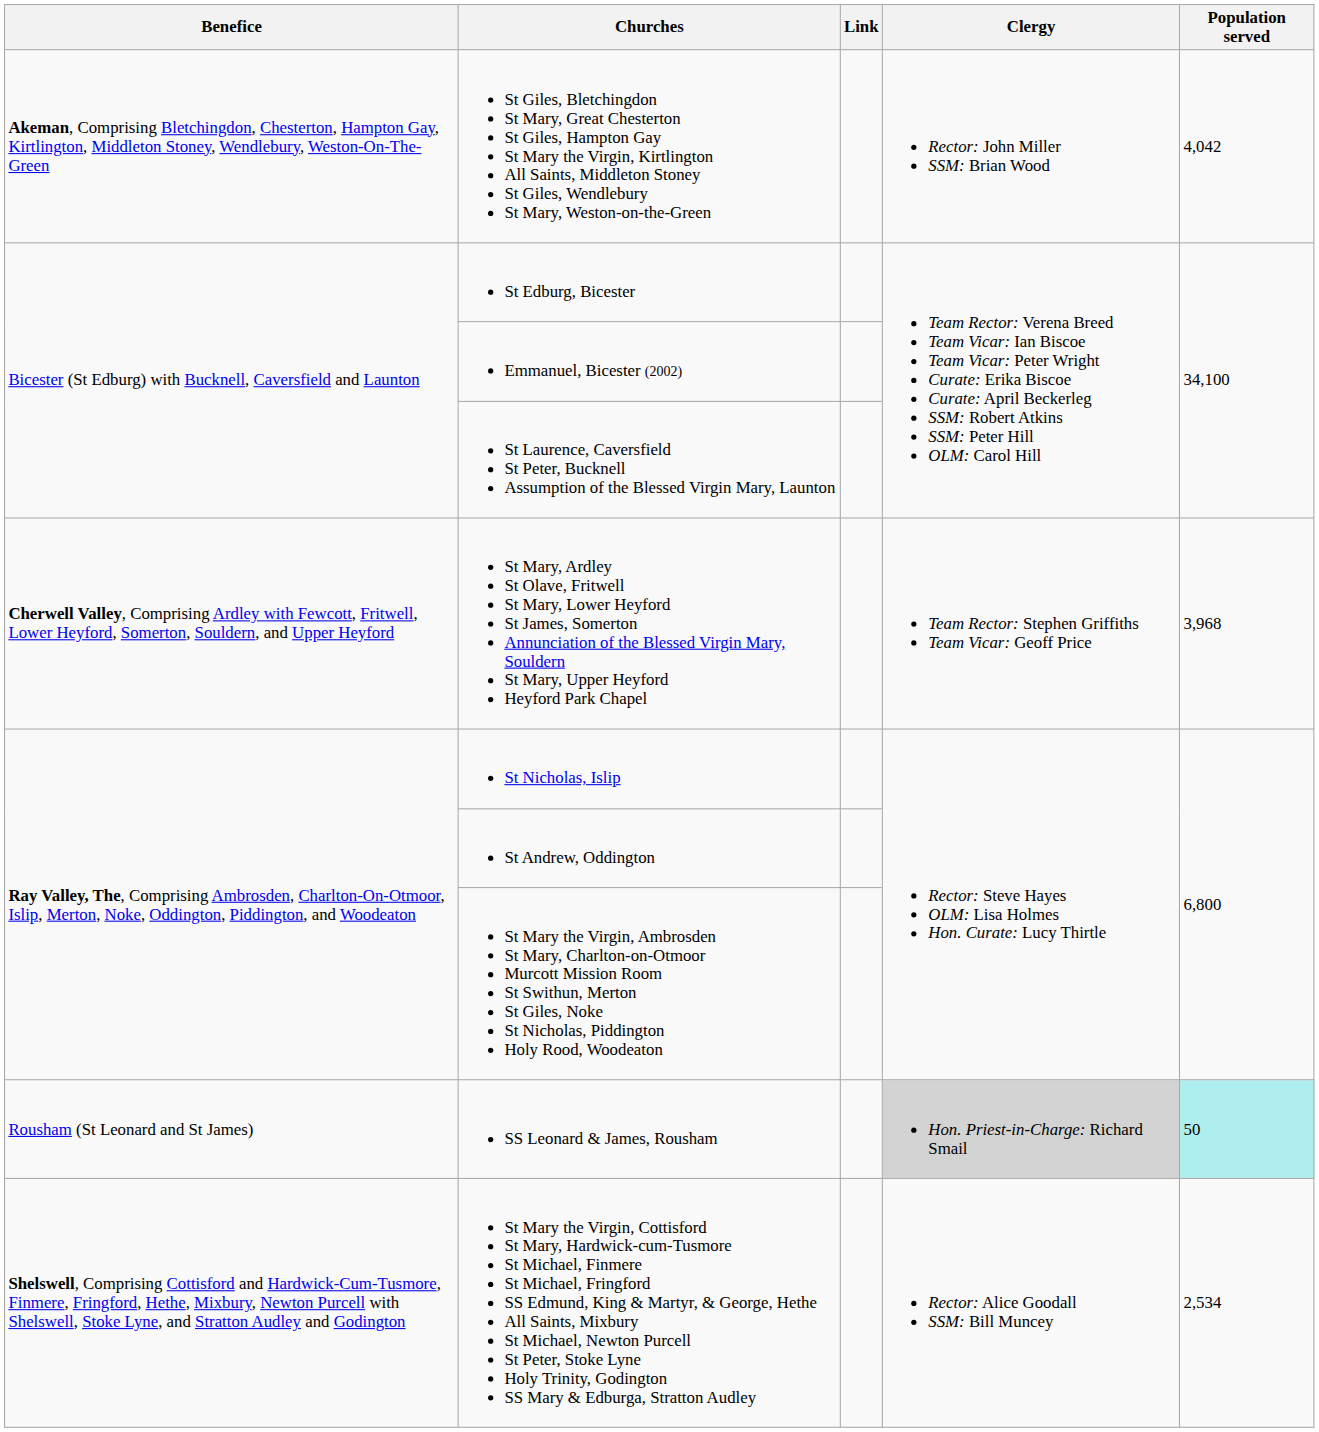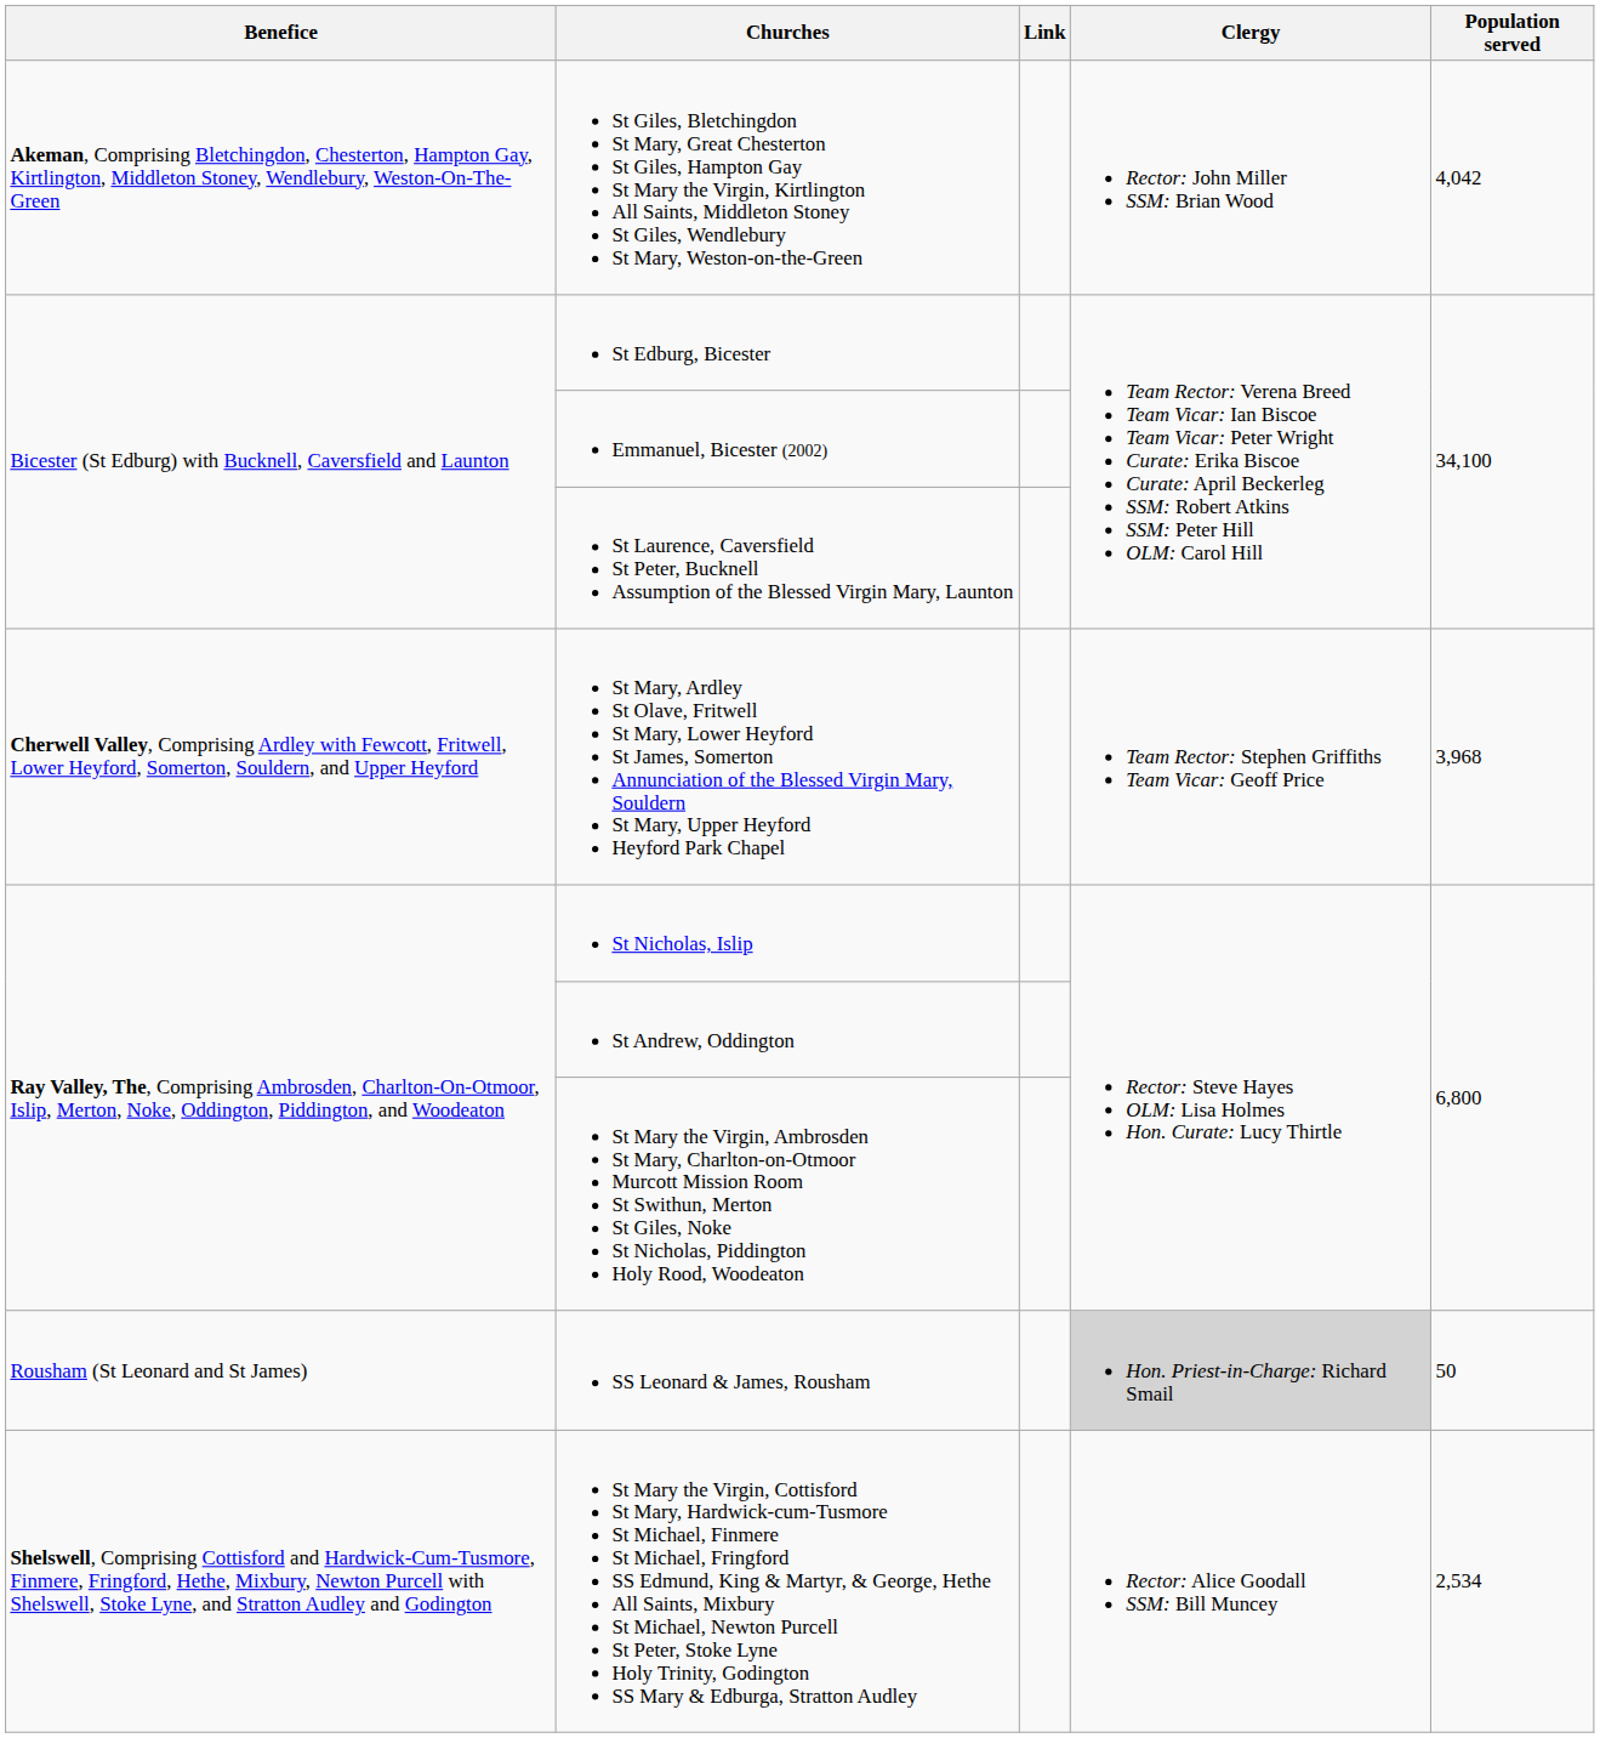 <table class="wikitable">
 <tr>
 <th width="425">Benefice</th>
 <th>Churches</th>
 <th>Link</th>
 <th>Clergy</th>
 <th>Population served</th>
 </tr>
 <tr>
 <td><strong>Akeman</strong>, Comprising <a href='#'>Bletchingdon</a>, <a href='#'>Chesterton</a>, <a href='#'>Hampton Gay</a>, <a href='#'>Kirtlington</a>, <a href='#'>Middleton Stoney</a>, <a href='#'>Wendlebury</a>, <a href='#'>Weston-On-The-Green</a></td>
 <td><br><ul><li>St Giles, Bletchingdon</li><li>St Mary, Great Chesterton</li><li>St Giles, Hampton Gay</li><li>St Mary the Virgin, Kirtlington</li><li>All Saints, Middleton Stoney</li><li>St Giles, Wendlebury</li><li>St Mary, Weston-on-the-Green</li></ul></td>
 <td></td>
 <td><br><ul><li><em>Rector:</em> John Miller</li><li><em>SSM:</em> Brian Wood</li></ul></td>
 <td>4,042</td>
 </tr>
 <tr>
 <td rowspan="3"><a href='#'>Bicester</a> (St Edburg) with <a href='#'>Bucknell</a>, <a href='#'>Caversfield</a> and <a href='#'>Launton</a></td>
 <td><br><ul><li>St Edburg, Bicester</li></ul></td>
 <td></td>
 <td rowspan="3"><br><ul><li><em>Team Rector:</em> Verena Breed</li><li><em>Team Vicar:</em> Ian Biscoe</li><li><em>Team Vicar:</em> Peter Wright</li><li><em>Curate:</em> Erika Biscoe</li><li><em>Curate:</em> April Beckerleg</li><li><em>SSM:</em> Robert Atkins</li><li><em>SSM:</em> Peter Hill</li><li><em>OLM:</em> Carol Hill</li></ul></td>
 <td rowspan="3">34,100</td>
 </tr>
 <tr>
 <td><br><ul><li>Emmanuel, Bicester <small>(2002)</small></li></ul></td>
 <td></td>
 </tr>
 <tr>
 <td><br><ul><li>St Laurence, Caversfield</li><li>St Peter, Bucknell</li><li>Assumption of the Blessed Virgin Mary, Launton</li></ul></td>
 <td></td>
 </tr>
 <tr>
 <td><strong>Cherwell Valley</strong>, Comprising <a href='#'>Ardley with Fewcott</a>, <a href='#'>Fritwell</a>, <a href='#'>Lower Heyford</a>, <a href='#'>Somerton</a>, <a href='#'>Souldern</a>, and <a href='#'>Upper Heyford</a></td>
 <td><br><ul><li>St Mary, Ardley</li><li>St Olave, Fritwell</li><li>St Mary, Lower Heyford</li><li>St James, Somerton</li><li><a href='#'>Annunciation of the Blessed Virgin Mary, Souldern</a></li><li>St Mary, Upper Heyford</li><li>Heyford Park Chapel</li></ul></td>
 <td></td>
 <td><br><ul><li><em>Team Rector:</em> Stephen Griffiths</li><li><em>Team Vicar:</em> Geoff Price</li></ul></td>
 <td>3,968</td>
 </tr>
 <tr>
 <td rowspan="3"><strong>Ray Valley, The</strong>, Comprising <a href='#'>Ambrosden</a>, <a href='#'>Charlton-On-Otmoor</a>, <a href='#'>Islip</a>, <a href='#'>Merton</a>, <a href='#'>Noke</a>, <a href='#'>Oddington</a>, <a href='#'>Piddington</a>, and <a href='#'>Woodeaton</a></td>
 <td><br><ul><li><a href='#'>St Nicholas, Islip</a></li></ul></td>
 <td></td>
 <td rowspan="3"><br><ul><li><em>Rector:</em> Steve Hayes</li><li><em>OLM:</em> Lisa Holmes</li><li><em>Hon. Curate:</em> Lucy Thirtle</li></ul></td>
 <td rowspan="3">6,800</td>
 </tr>
 <tr>
 <td><br><ul><li>St Andrew, Oddington</li></ul></td>
 <td></td>
 </tr>
 <tr>
 <td><br><ul><li>St Mary the Virgin, Ambrosden</li><li>St Mary, Charlton-on-Otmoor</li><li>Murcott Mission Room</li><li>St Swithun, Merton</li><li>St Giles, Noke</li><li>St Nicholas, Piddington</li><li>Holy Rood, Woodeaton</li></ul></td>
 <td></td>
 </tr>
 <tr>
 <td><a href='#'>Rousham</a> (St Leonard and St James)</td>
 <td><br><ul><li>SS Leonard & James, Rousham</li></ul></td>
 <td></td>
 <td style="background: lightgrey;"><br><ul><li><em>Hon. Priest-in-Charge:</em> Richard Smail</li></ul></td>
-<td style="background: paleturquoise;">50</td>
+<td>50</td>
 </tr>
 <tr>
 <td><strong>Shelswell</strong>, Comprising <a href='#'>Cottisford</a> and <a href='#'>Hardwick-Cum-Tusmore</a>, <a href='#'>Finmere</a>, <a href='#'>Fringford</a>, <a href='#'>Hethe</a>, <a href='#'>Mixbury</a>, <a href='#'>Newton Purcell</a> with <a href='#'>Shelswell</a>, <a href='#'>Stoke Lyne</a>, and <a href='#'>Stratton Audley</a> and <a href='#'>Godington</a></td>
 <td><br><ul><li>St Mary the Virgin, Cottisford</li><li>St Mary, Hardwick-cum-Tusmore</li><li>St Michael, Finmere</li><li>St Michael, Fringford</li><li>SS Edmund, King & Martyr, & George, Hethe</li><li>All Saints, Mixbury</li><li>St Michael, Newton Purcell</li><li>St Peter, Stoke Lyne</li><li>Holy Trinity, Godington</li><li>SS Mary & Edburga, Stratton Audley</li></ul></td>
 <td></td>
 <td><br><ul><li><em>Rector:</em> Alice Goodall</li><li><em>SSM:</em> Bill Muncey</li></ul></td>
 <td>2,534</td>
 </tr>
 </table>
